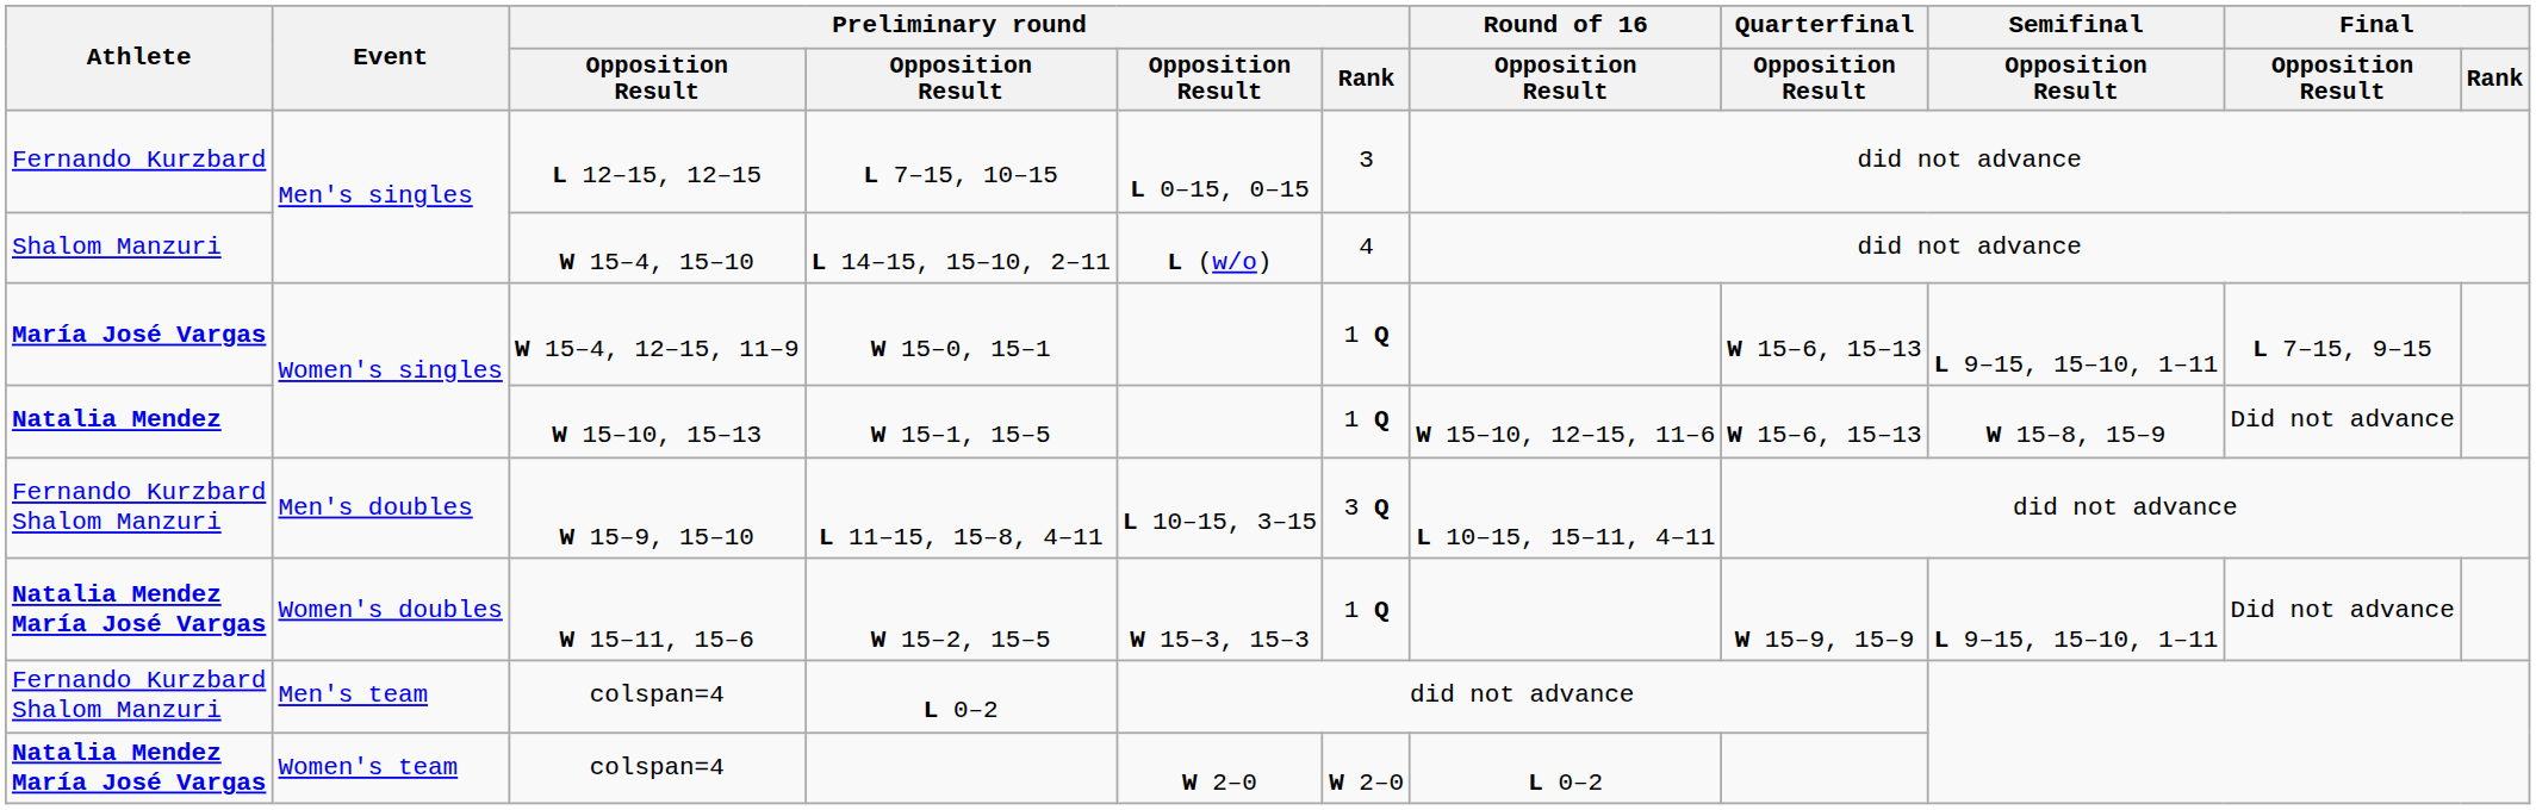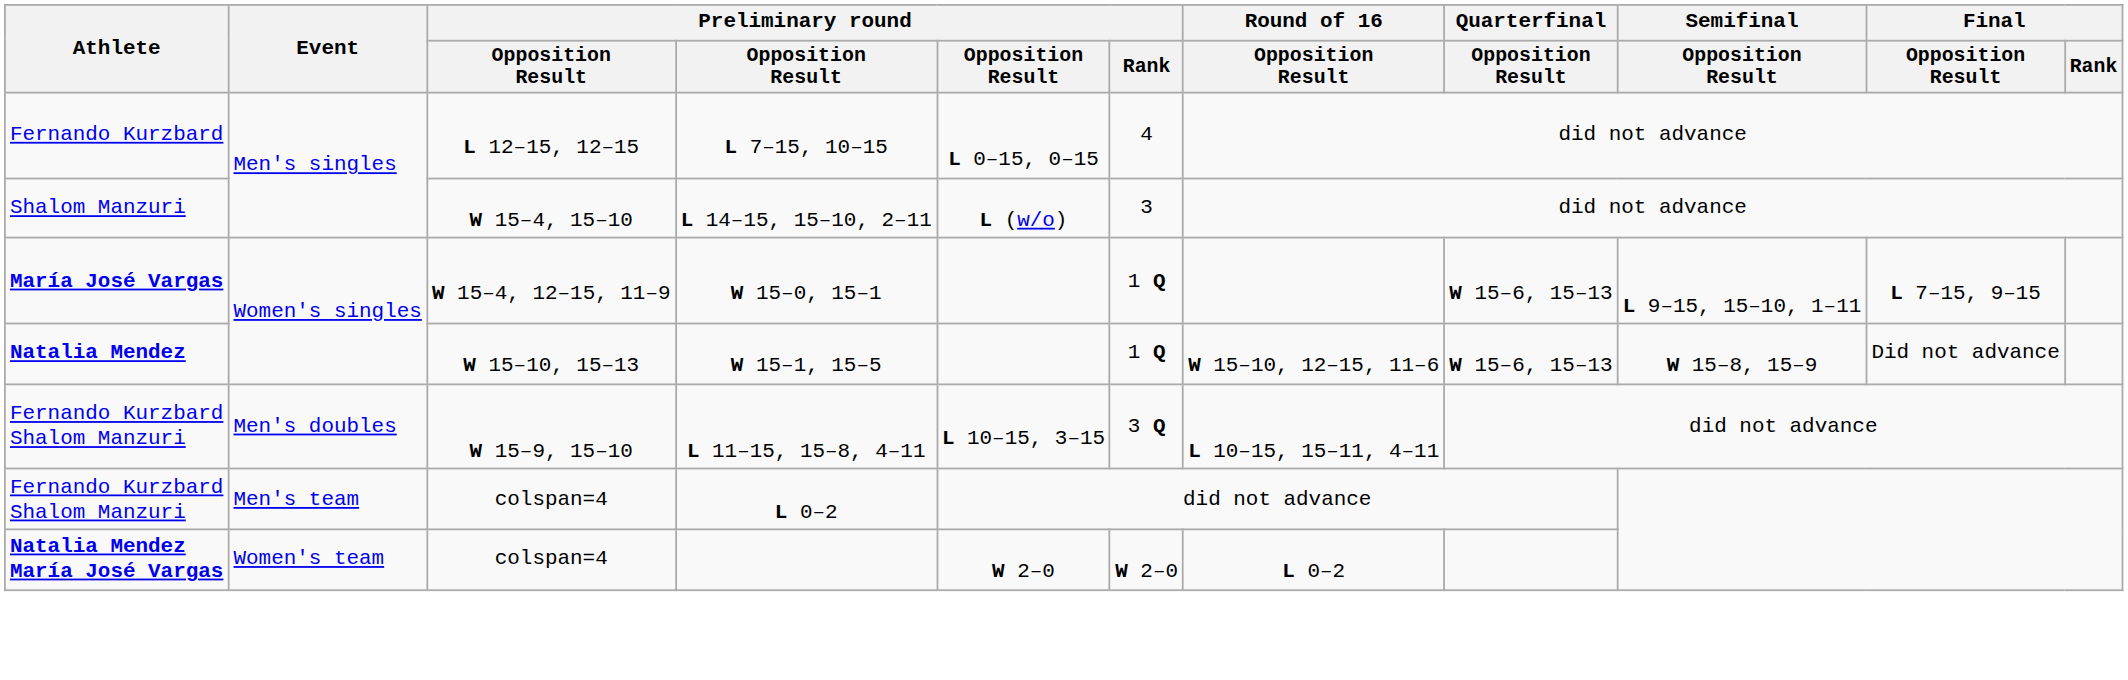 <table class="wikitable" style="font-size:90%;text-align:center">
 <tr>
 <th rowspan=2>Athlete</th>
 <th rowspan=2>Event</th>
 <th colspan=4>Preliminary round</th>
 <th>Round of 16</th>
 <th>Quarterfinal</th>
 <th>Semifinal</th>
 <th colspan=2>Final</th>
 </tr>
 <tr style=font-size:95%>
 <th>Opposition<br>Result</th>
 <th>Opposition<br>Result</th>
 <th>Opposition<br>Result</th>
 <th>Rank</th>
 <th>Opposition<br>Result</th>
 <th>Opposition<br>Result</th>
 <th>Opposition<br>Result</th>
 <th>Opposition<br>Result</th>
 <th>Rank</th>
 </tr>
 <tr>
 <td style="text-align:left"><a href='#'>Fernando Kurzbard</a></td>
 <td style="text-align:left" rowspan=2><a href='#'>Men's singles</a></td>
 <td><br><strong>L</strong> 12–15, 12–15</td>
 <td><br><strong>L</strong> 7–15, 10–15</td>
 <td><br><br><strong>L</strong> 0–15, 0–15</td>
-<td>3</td>
+<td>4</td>
 <td colspan=5>did not advance</td>
 </tr>
 <tr>
 <td style="text-align:left"><a href='#'>Shalom Manzuri</a></td>
 <td><br><strong>W</strong> 15–4, 15–10</td>
 <td><br><strong>L</strong> 14–15, 15–10, 2–11</td>
 <td><br><strong>L</strong> (<a href='#'>w/o</a>)</td>
-<td>4</td>
+<td>3</td>
 <td colspan=5>did not advance</td>
 </tr>
 <tr>
 <td style="text-align:left"><strong><a href='#'>María José Vargas</a></strong></td>
 <td style="text-align:left" rowspan=2><a href='#'>Women's singles</a></td>
 <td><br><strong>W</strong> 15–4, 12–15, 11–9</td>
 <td><br><strong>W</strong> 15–0, 15–1</td>
 <td></td>
 <td>1 <strong>Q</strong></td>
 <td></td>
 <td><br><strong>W</strong> 15–6, 15–13</td>
 <td><br><br><strong>L</strong> 9–15, 15–10, 1–11</td>
 <td><br><strong>L</strong> 7–15, 9–15</td>
 <td></td>
 </tr>
 <tr>
 <td style="text-align:left"><strong><a href='#'>Natalia Mendez</a></strong></td>
 <td><br><strong>W</strong> 15–10, 15–13</td>
 <td><br><strong>W</strong> 15–1, 15–5</td>
 <td></td>
 <td>1 <strong>Q</strong></td>
 <td><br><strong>W</strong> 15–10, 12–15, 11–6</td>
 <td><br><strong>W</strong> 15–6, 15–13</td>
 <td><br><strong>W</strong> 15–8, 15–9</td>
 <td>Did not advance</td>
 <td></td>
 </tr>
 <tr>
 <td style="text-align:left"><a href='#'>Fernando Kurzbard</a><br><a href='#'>Shalom Manzuri</a></td>
 <td style="text-align:left"><a href='#'>Men's doubles</a></td>
 <td><br><br><strong>W</strong> 15–9, 15–10</td>
 <td><br><br><strong>L</strong> 11–15, 15–8, 4–11</td>
 <td><br><strong>L</strong> 10–15, 3–15</td>
 <td>3 <strong>Q</strong></td>
 <td><br><br><strong>L</strong> 10–15, 15–11, 4–11</td>
 <td colspan=4>did not advance</td>
 </tr>
 <tr>
-<td style="text-align:left"><strong><a href='#'>Natalia Mendez</a><br><a href='#'>María José Vargas</a></strong></td>
-<td style="text-align:left"><a href='#'>Women's doubles</a></td>
-<td><br><br><strong>W</strong> 15–11, 15–6</td>
-<td><br><br><strong>W</strong> 15–2, 15–5</td>
-<td><br><br><strong>W</strong> 15–3, 15–3</td>
-<td>1 <strong>Q</strong></td>
-<td></td>
-<td><br><br><strong>W</strong> 15–9, 15–9</td>
-<td><br><br><strong>L</strong> 9–15, 15–10, 1–11</td>
-<td>Did not advance</td>
-<td></td>
-</tr>
-<tr>
 <td style="text-align:left"><a href='#'>Fernando Kurzbard</a><br><a href='#'>Shalom Manzuri</a></td>
 <td style="text-align:left"><a href='#'>Men's team</a></td>
 <td>colspan=4 </td>
 <td><br><strong>L</strong> 0–2</td>
 <td colspan=4>did not advance</td>
 </tr>
 <tr>
 <td style="text-align:left"><strong><a href='#'>Natalia Mendez</a><br><a href='#'>María José Vargas</a></strong></td>
 <td style="text-align:left"><a href='#'>Women's team</a></td>
 <td>colspan=4 </td>
 <td></td>
 <td><br><strong>W</strong> 2–0</td>
 <td><br><strong>W</strong> 2–0</td>
 <td><br><strong>L</strong> 0–2</td>
 <td></td>
 </tr>
 </table>
